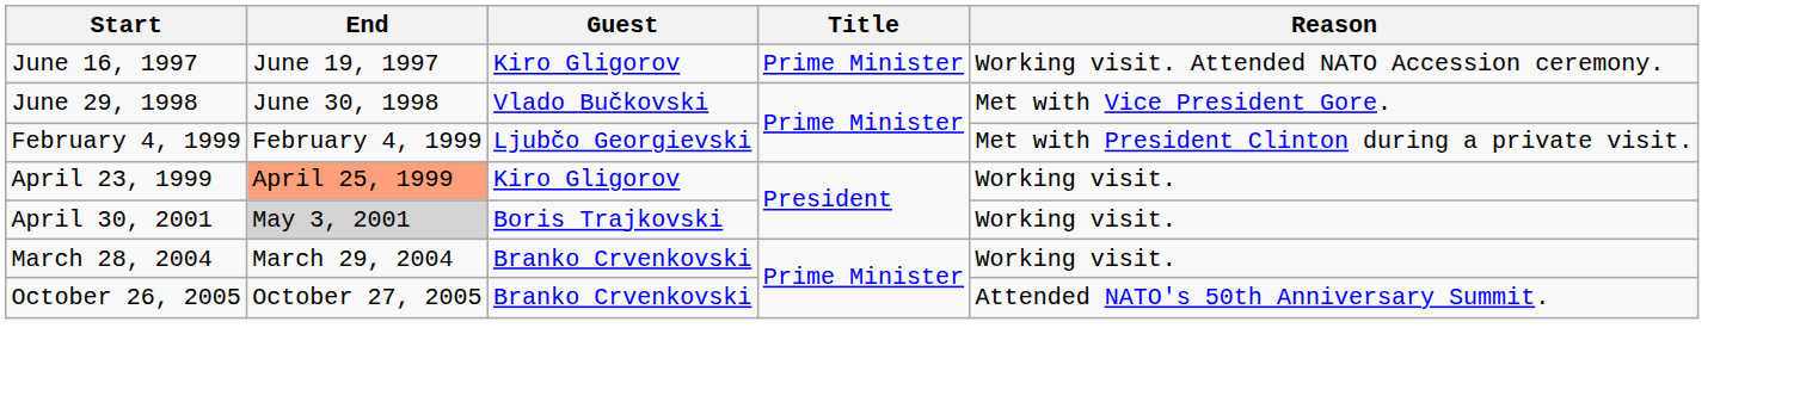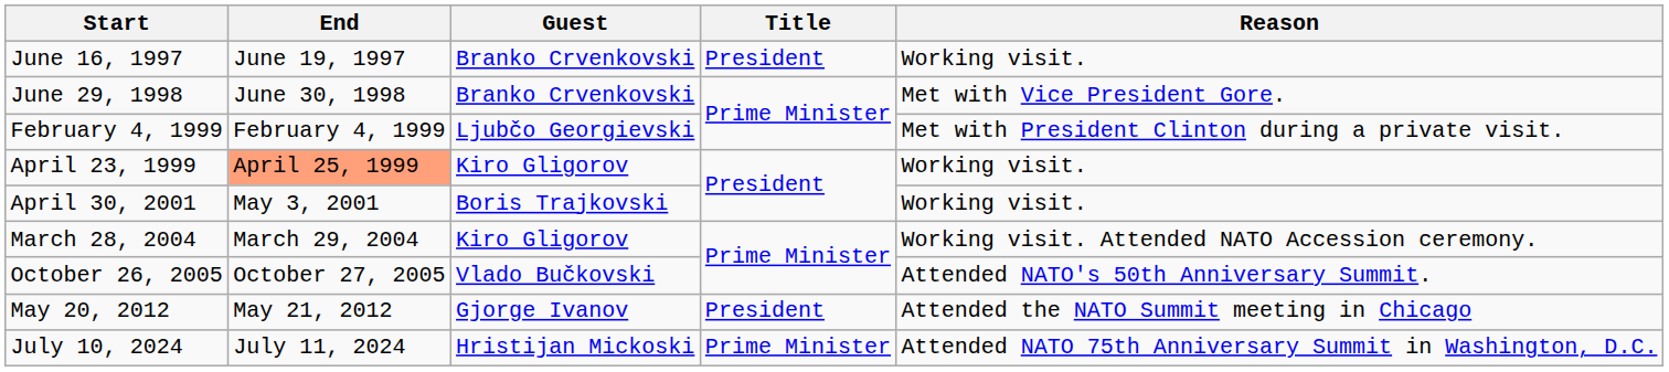 <table class="wikitable sortable">
 <tr>
 <th>Start</th>
 <th>End</th>
 <th>Guest</th>
 <th>Title</th>
 <th>Reason</th>
 </tr>
 <tr>
 <td>June 16, 1997</td>
 <td>June 19, 1997</td>
-<td><a href='#'>Kiro Gligorov</a></td>
-<td><a href='#'>Prime Minister</a></td>
-<td>Working visit. Attended NATO Accession ceremony.</td>
+<td><a href='#'>Branko Crvenkovski</a></td>
+<td><a href='#'>President</a></td>
+<td>Working visit.</td>
 </tr>
 <tr>
 <td>June 29, 1998</td>
 <td>June 30, 1998</td>
-<td><a href='#'>Vlado Bučkovski</a></td>
+<td><a href='#'>Branko Crvenkovski</a></td>
 <td rowspan=2><a href='#'>Prime Minister</a></td>
 <td>Met with <a href='#'>Vice President Gore</a>.</td>
 </tr>
 <tr>
 <td>February 4, 1999</td>
 <td>February 4, 1999</td>
 <td><a href='#'>Ljubčo Georgievski</a></td>
 <td>Met with <a href='#'>President Clinton</a> during a private visit.</td>
 </tr>
 <tr>
 <td>April 23, 1999</td>
 <td style="background: lightsalmon;">April 25, 1999</td>
 <td><a href='#'>Kiro Gligorov</a></td>
 <td rowspan="2"><a href='#'>President</a></td>
 <td>Working visit.</td>
 </tr>
 <tr>
 <td>April 30, 2001</td>
-<td style="background: lightgrey;">May 3, 2001</td>
+<td>May 3, 2001</td>
 <td><a href='#'>Boris Trajkovski</a></td>
 <td>Working visit.</td>
 </tr>
 <tr>
 <td>March 28, 2004</td>
 <td>March 29, 2004</td>
-<td><a href='#'>Branko Crvenkovski</a></td>
+<td><a href='#'>Kiro Gligorov</a></td>
 <td rowspan=2><a href='#'>Prime Minister</a></td>
-<td>Working visit.</td>
+<td>Working visit. Attended NATO Accession ceremony.</td>
 </tr>
 <tr>
 <td>October 26, 2005</td>
 <td>October 27, 2005</td>
-<td><a href='#'>Branko Crvenkovski</a></td>
+<td><a href='#'>Vlado Bučkovski</a></td>
 <td>Attended <a href='#'>NATO's 50th Anniversary Summit</a>.</td>
 </tr>
+<tr>
+<td>May 20, 2012</td>
+<td>May 21, 2012</td>
+<td><a href='#'>Gjorge Ivanov</a></td>
+<td><a href='#'>President</a></td>
+<td>Attended the <a href='#'>NATO Summit</a> meeting in <a href='#'>Chicago</a></td>
+</tr>
+<tr>
+<td>July 10, 2024</td>
+<td>July 11, 2024</td>
+<td><a href='#'>Hristijan Mickoski</a></td>
+<td><a href='#'>Prime Minister</a></td>
+<td>Attended <a href='#'>NATO 75th Anniversary Summit</a> in <a href='#'>Washington, D.C.</a></td>
+</tr>
 </table>
